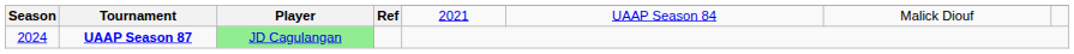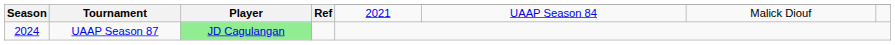 <table class="wikitable sortable" style="text-align:center" width="80%">
 <tr>
 <th style="width:25px;" rowspan="2">Season</th>
 <th style="width:180px;" rowspan="2">Tournament</th>
 <th style="width:180px;" rowspan="2">Player</th>
 <th style="width:25px;" rowspan="2">Ref</th>
 </tr>
 <tr align=center>
 <td><a href='#'>2021</a></td>
 <td><a href='#'>UAAP Season 84</a></td>
 <td>Malick Diouf</td>
 <td></td>
 </tr>
 <tr align=center>
 <td><a href='#'>2024</a></td>
-<td><strong><a href='#'>UAAP Season 87</a></strong></td>
+<td><a href='#'>UAAP Season 87</a></td>
 <td style="background: lightgreen;"><a href='#'>JD Cagulangan</a></td>
 <td></td>
 </tr>
 </table>
